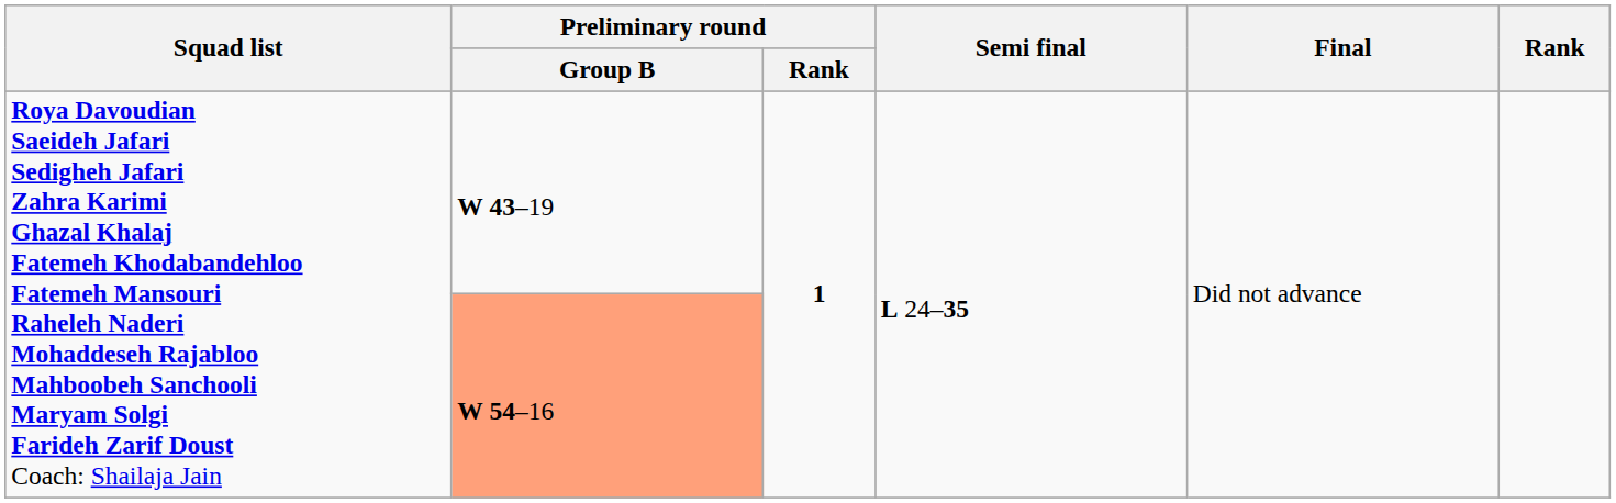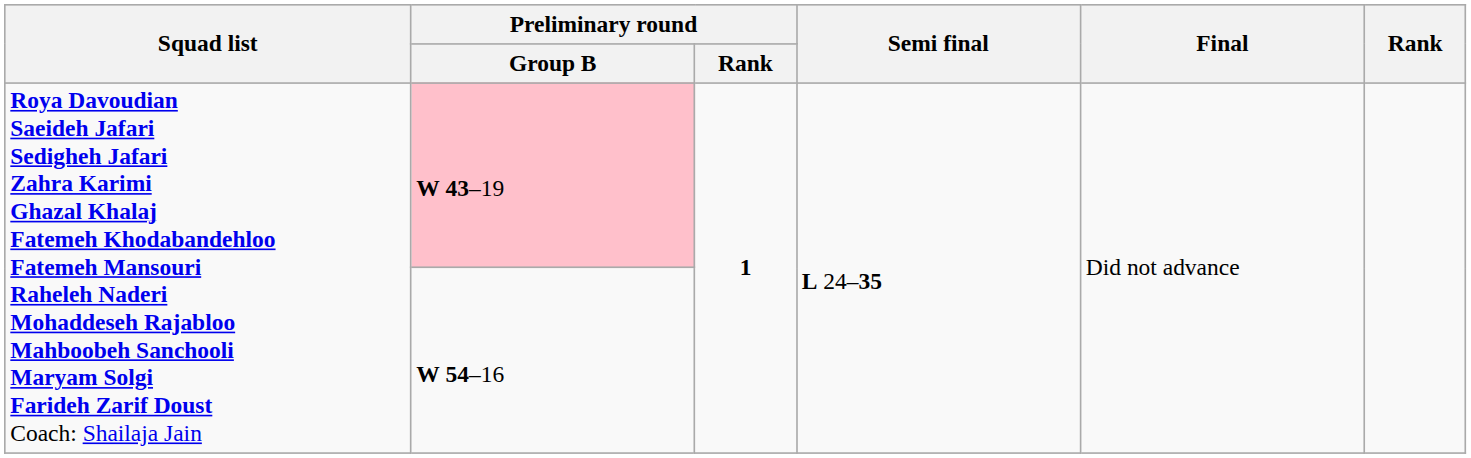 <table class="wikitable" width="71%" style="text-align:left; font-size:90%">
 <tr>
 <th rowspan="2" width="20%">Squad list</th>
 <th colspan="2">Preliminary round</th>
 <th rowspan="2" width="14%">Semi final</th>
 <th rowspan="2" width="14%">Final</th>
 <th rowspan="2" width="5%">Rank</th>
 </tr>
 <tr>
 <th width="14%">Group B</th>
 <th width="5%">Rank</th>
 </tr>
 <tr>
 <td rowspan=2><strong><a href='#'>Roya Davoudian</a></strong><br><strong><a href='#'>Saeideh Jafari</a></strong><br><strong><a href='#'>Sedigheh Jafari</a></strong><br><strong><a href='#'>Zahra Karimi</a></strong><br><strong><a href='#'>Ghazal Khalaj</a></strong><br><strong><a href='#'>Fatemeh Khodabandehloo</a></strong><br><strong><a href='#'>Fatemeh Mansouri</a></strong><br><strong><a href='#'>Raheleh Naderi</a></strong><br><strong><a href='#'>Mohaddeseh Rajabloo</a></strong><br><strong><a href='#'>Mahboobeh Sanchooli</a></strong><br><strong><a href='#'>Maryam Solgi</a></strong><br><strong><a href='#'>Farideh Zarif Doust</a></strong><br>Coach:  <a href='#'>Shailaja Jain</a></td>
-<td><br><strong>W</strong> <strong>43</strong>–19</td>
+<td style="background: pink;"><br><strong>W</strong> <strong>43</strong>–19</td>
 <td rowspan=2 align=center><strong>1</strong> <strong></strong></td>
 <td rowspan=2><br><strong>L</strong> 24–<strong>35</strong></td>
 <td rowspan=2>Did not advance</td>
 <td rowspan=2 align=center></td>
 </tr>
 <tr>
-<td style="background: lightsalmon;"><br><strong>W</strong> <strong>54</strong>–16</td>
+<td><br><strong>W</strong> <strong>54</strong>–16</td>
 </tr>
 </table>
